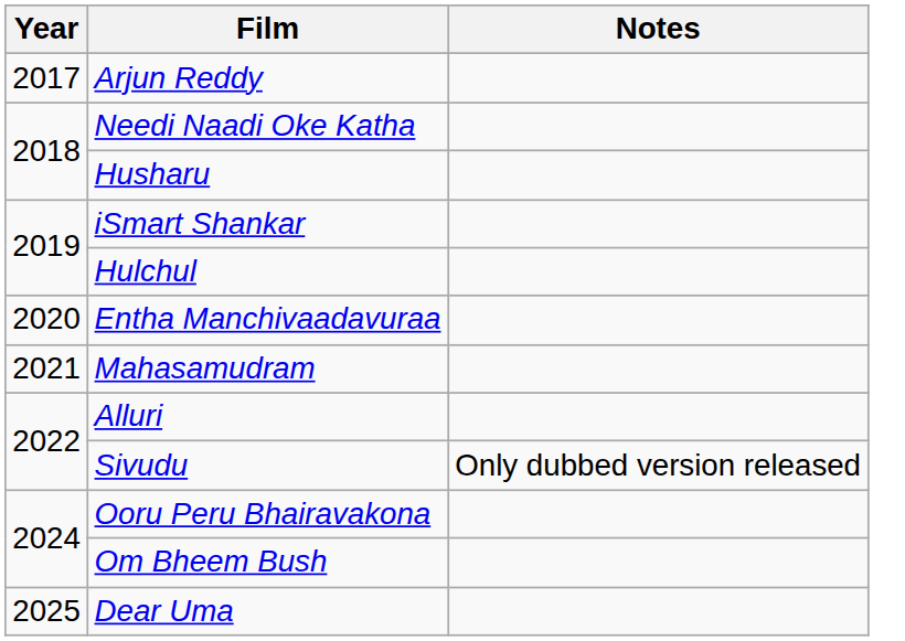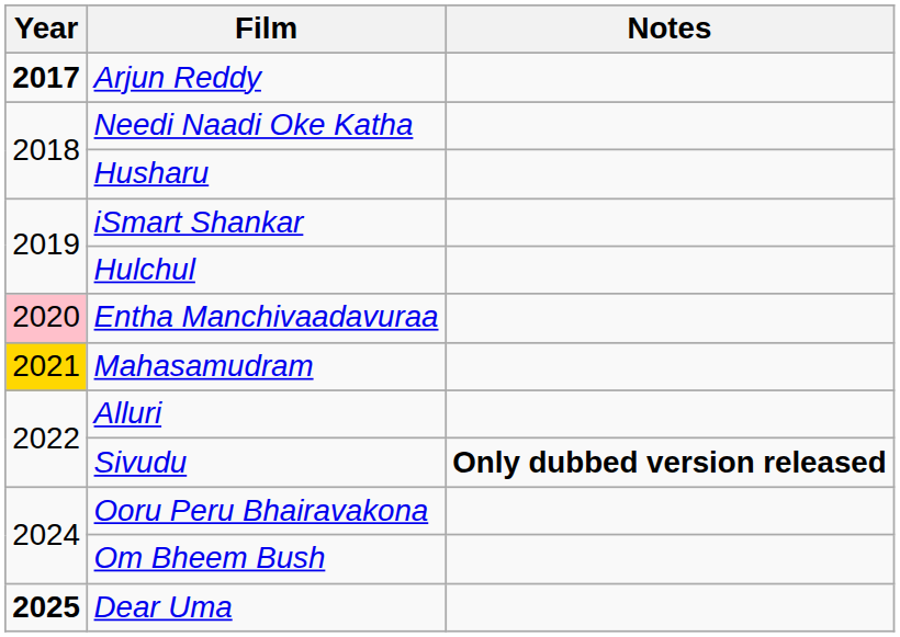 <table class="wikitable">
 <tr>
 <th>Year</th>
 <th>Film</th>
 <th>Notes</th>
 </tr>
 <tr>
-<td>2017</td>
+<td><strong>2017</strong></td>
 <td><em><a href='#'>Arjun Reddy</a></em></td>
 <td></td>
 </tr>
 <tr>
 <td rowspan="2">2018</td>
 <td><em><a href='#'>Needi Naadi Oke Katha</a></em></td>
 <td></td>
 </tr>
 <tr>
 <td><em><a href='#'>Husharu</a></em></td>
 <td></td>
 </tr>
 <tr>
 <td rowspan="2">2019</td>
 <td><em><a href='#'>iSmart Shankar</a></em></td>
 <td></td>
 </tr>
 <tr>
 <td><em><a href='#'>Hulchul</a></em></td>
 <td></td>
 </tr>
 <tr>
-<td>2020</td>
+<td style="background: pink;">2020</td>
 <td><em><a href='#'>Entha Manchivaadavuraa</a></em></td>
 <td></td>
 </tr>
 <tr>
-<td>2021</td>
+<td style="background: gold;">2021</td>
 <td><em><a href='#'>Mahasamudram</a></em></td>
 <td></td>
 </tr>
 <tr>
 <td rowspan="2">2022</td>
 <td><em><a href='#'>Alluri</a></em></td>
 <td></td>
 </tr>
 <tr>
 <td><em><a href='#'>Sivudu</a></em></td>
-<td>Only dubbed version released</td>
+<td><strong>Only dubbed version released</strong></td>
 </tr>
 <tr>
 <td rowspan="2">2024</td>
 <td><em><a href='#'>Ooru Peru Bhairavakona</a></em></td>
 <td></td>
 </tr>
 <tr>
 <td><em><a href='#'>Om Bheem Bush</a></em></td>
 <td></td>
 </tr>
 <tr>
-<td>2025</td>
+<td><strong>2025</strong></td>
 <td><a href='#'><em>Dear Uma</em></a></td>
 <td></td>
 </tr>
 </table>
